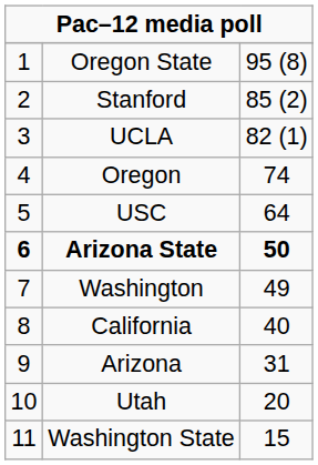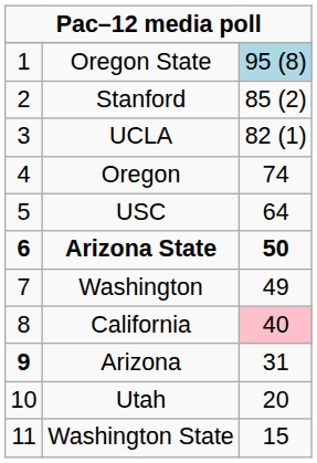 <table class="wikitable" style="display: inline-table;">
 <tr>
 <td align="center" Colspan="3"><strong>Pac–12 media poll</strong></td>
 </tr>
 <tr align="center">
 </tr>
 <tr align="center">
 <td>1</td>
 <td>Oregon State</td>
-<td>95 (8)</td>
+<td style="background: lightblue;">95 (8)</td>
 </tr>
 <tr align="center">
 <td>2</td>
 <td>Stanford</td>
 <td>85 (2)</td>
 </tr>
 <tr align="center">
 <td>3</td>
 <td>UCLA</td>
 <td>82 (1)</td>
 </tr>
 <tr align="center">
 <td>4</td>
 <td>Oregon</td>
 <td>74</td>
 </tr>
 <tr align="center">
 <td>5</td>
 <td>USC</td>
 <td>64</td>
 </tr>
 <tr align="center">
 <td><strong>6</strong></td>
 <td><strong>Arizona State</strong></td>
 <td><strong>50</strong></td>
 </tr>
 <tr align="center">
 <td>7</td>
 <td>Washington</td>
 <td>49</td>
 </tr>
 <tr align="center">
 <td>8</td>
 <td>California</td>
-<td>40</td>
+<td style="background: pink;">40</td>
 </tr>
 <tr align="center">
-<td>9</td>
+<td><strong>9</strong></td>
 <td>Arizona</td>
 <td>31</td>
 </tr>
 <tr align="center">
 <td>10</td>
 <td>Utah</td>
 <td>20</td>
 </tr>
 <tr align="center">
 <td>11</td>
 <td>Washington State</td>
 <td>15</td>
 </tr>
 </table>
